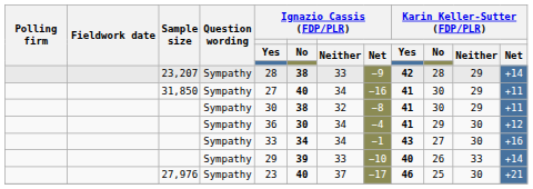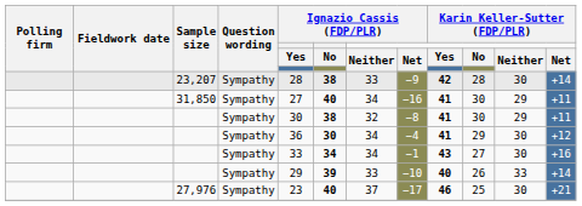 <table class="wikitable" style="text-align:center;font-size:90%;line-height:14px;">
 <tr style="height:40px;">
 <th style="width:80px;" rowspan="4">Polling firm</th>
 <th style="width:130px;" rowspan="4">Fieldwork date</th>
 <th style="width:35px;" rowspan="4">Sample<br>size</th>
 <th style="width:60px;" rowspan="4">Question wording</th>
 <th colspan="4"><a href='#'>Ignazio Cassis</a> (<a href='#'>FDP/PLR</a>)</th>
 <th colspan="4"><a href='#'>Karin Keller-Sutter</a> (<a href='#'>FDP/PLR</a>)</th>
 </tr>
 <tr>
 <th style="background:"></th>
 <th style="background:"></th>
 </tr>
 <tr>
 <th style="width:40px;">Yes</th>
 <th style="width:40px;">No</th>
 <th style="width:30px;" rowspan="2">Neither</th>
 <th style="width:30px;" rowspan="2">Net</th>
 <th style="width:40px;">Yes</th>
 <th style="width:40px;">No</th>
 <th style="width:30px;" rowspan="2">Neither</th>
 <th style="width:30px;" rowspan="2">Net</th>
 </tr>
 <tr>
 <th style="background:#47729E;"></th>
 <th style="background:#8B8B54;"></th>
 <th style="background:#47729E;"></th>
 <th style="background:#8B8B54;"></th>
 </tr>
 <tr style="background:#E9E9E9;">
 <td></td>
 <td></td>
 <td>23,207</td>
 <td>Sympathy</td>
 <td>28</td>
 <td style="background:#"><strong>38</strong></td>
 <td>33</td>
 <td style="background:#8B8B54;color:#FFFFFF;">−9</td>
 <td style="background:#"><strong>42</strong></td>
 <td>28</td>
-<td>29</td>
+<td>30</td>
 <td style="background:#47729E;color:#FFFFFF;">+14</td>
 </tr>
 <tr>
 <td></td>
 <td></td>
 <td>31,850</td>
 <td>Sympathy</td>
 <td>27</td>
 <td style="background:#"><strong>40</strong></td>
 <td>34</td>
 <td style="background:#8B8B54;color:#FFFFFF;">−16</td>
 <td style="background:#"><strong>41</strong></td>
 <td>30</td>
 <td>29</td>
 <td style="background:#47729E;color:#FFFFFF;">+11</td>
 </tr>
 <tr>
 <td></td>
 <td></td>
 <td></td>
 <td>Sympathy</td>
 <td>30</td>
 <td style="background:#"><strong>38</strong></td>
 <td>32</td>
 <td style="background:#8B8B54;color:#FFFFFF;">−8</td>
 <td style="background:#"><strong>41</strong></td>
 <td>30</td>
 <td>29</td>
 <td style="background:#47729E;color:#FFFFFF;">+11</td>
 </tr>
 <tr>
 <td></td>
 <td></td>
 <td></td>
 <td>Sympathy</td>
 <td>36</td>
 <td style="background:#"><strong>30</strong></td>
 <td>34</td>
 <td style="background:#8B8B54;color:#FFFFFF;">−4</td>
 <td style="background:#"><strong>41</strong></td>
 <td>29</td>
 <td>30</td>
 <td style="background:#47729E;color:#FFFFFF;">+12</td>
 </tr>
 <tr>
 <td></td>
 <td></td>
 <td></td>
 <td>Sympathy</td>
 <td>33</td>
 <td style="background:#"><strong>34</strong></td>
 <td>34</td>
 <td style="background:#8B8B54;color:#FFFFFF;">−1</td>
 <td style="background:#"><strong>43</strong></td>
 <td>27</td>
 <td>30</td>
 <td style="background:#47729E;color:#FFFFFF;">+16</td>
 </tr>
 <tr>
 <td></td>
 <td></td>
 <td></td>
 <td>Sympathy</td>
 <td>29</td>
 <td style="background:#"><strong>39</strong></td>
 <td>33</td>
 <td style="background:#8B8B54;color:#FFFFFF;">−10</td>
 <td style="background:#"><strong>40</strong></td>
 <td>26</td>
 <td>33</td>
 <td style="background:#47729E;color:#FFFFFF;">+14</td>
 </tr>
 <tr>
 <td></td>
 <td></td>
 <td>27,976</td>
 <td>Sympathy</td>
 <td>23</td>
 <td style="background:#"><strong>40</strong></td>
 <td>37</td>
 <td style="background:#8B8B54;color:#FFFFFF;">−17</td>
 <td style="background:#"><strong>46</strong></td>
 <td>25</td>
 <td>30</td>
 <td style="background:#47729E;color:#FFFFFF;">+21</td>
 </tr>
 <tr>
 </tr>
 </table>
